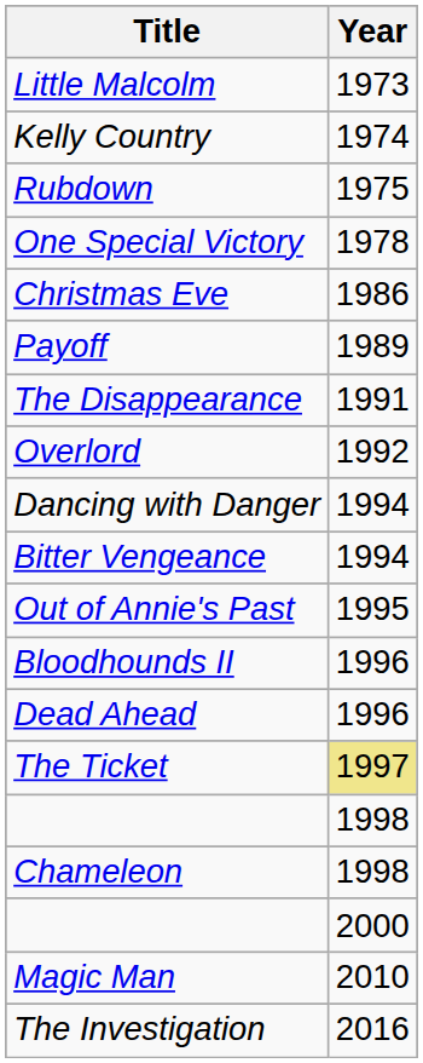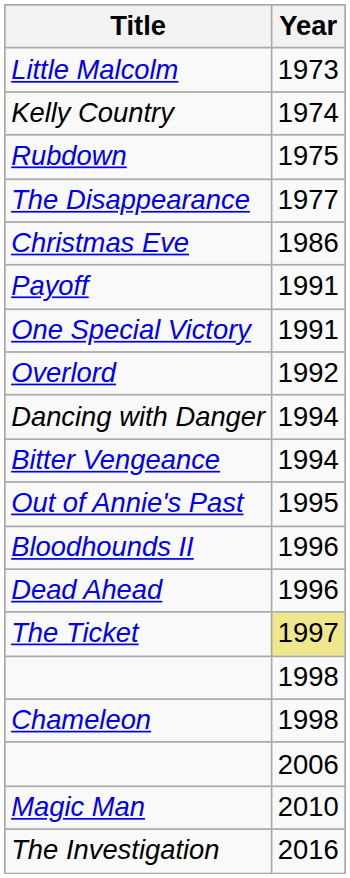 <table class="wikitable" border="1">
 <tr>
 <th>Title</th>
 <th>Year</th>
 </tr>
 <tr>
 <td><em><a href='#'>Little Malcolm</a></em></td>
 <td>1973</td>
 </tr>
 <tr>
 <td><em>Kelly Country</em></td>
 <td>1974</td>
 </tr>
 <tr>
 <td><em><a href='#'>Rubdown</a></em></td>
 <td>1975</td>
 </tr>
 <tr>
-<td><em><a href='#'>One Special Victory</a></em></td>
-<td>1978</td>
+<td><em><a href='#'>The Disappearance</a></em></td>
+<td>1977</td>
 </tr>
 <tr>
 <td><em><a href='#'>Christmas Eve</a></em></td>
 <td>1986</td>
 </tr>
 <tr>
 <td><em><a href='#'>Payoff</a></em></td>
-<td>1989</td>
+<td>1991</td>
 </tr>
 <tr>
-<td><em><a href='#'>The Disappearance</a></em></td>
+<td><em><a href='#'>One Special Victory</a></em></td>
 <td>1991</td>
 </tr>
 <tr>
 <td><em><a href='#'>Overlord</a></em></td>
 <td>1992</td>
 </tr>
 <tr>
 <td><em>Dancing with Danger</em></td>
 <td>1994</td>
 </tr>
 <tr>
 <td><em><a href='#'>Bitter Vengeance</a></em></td>
 <td>1994</td>
 </tr>
 <tr>
 <td><em><a href='#'>Out of Annie's Past</a></em></td>
 <td>1995</td>
 </tr>
 <tr>
 <td><em><a href='#'>Bloodhounds II</a></em></td>
 <td>1996</td>
 </tr>
 <tr>
 <td><em><a href='#'>Dead Ahead</a></em></td>
 <td>1996</td>
 </tr>
 <tr>
 <td><em><a href='#'>The Ticket</a></em></td>
 <td style="background: khaki;">1997</td>
 </tr>
 <tr>
 <td><em></em></td>
 <td>1998</td>
 </tr>
 <tr>
 <td><em><a href='#'>Chameleon</a></em></td>
 <td>1998</td>
 </tr>
 <tr>
 <td><em></em></td>
-<td>2000</td>
+<td>2006</td>
 </tr>
 <tr>
 <td><em><a href='#'>Magic Man</a></em></td>
 <td>2010</td>
 </tr>
 <tr>
 <td><em>The Investigation</em></td>
 <td>2016</td>
 </tr>
 </table>
